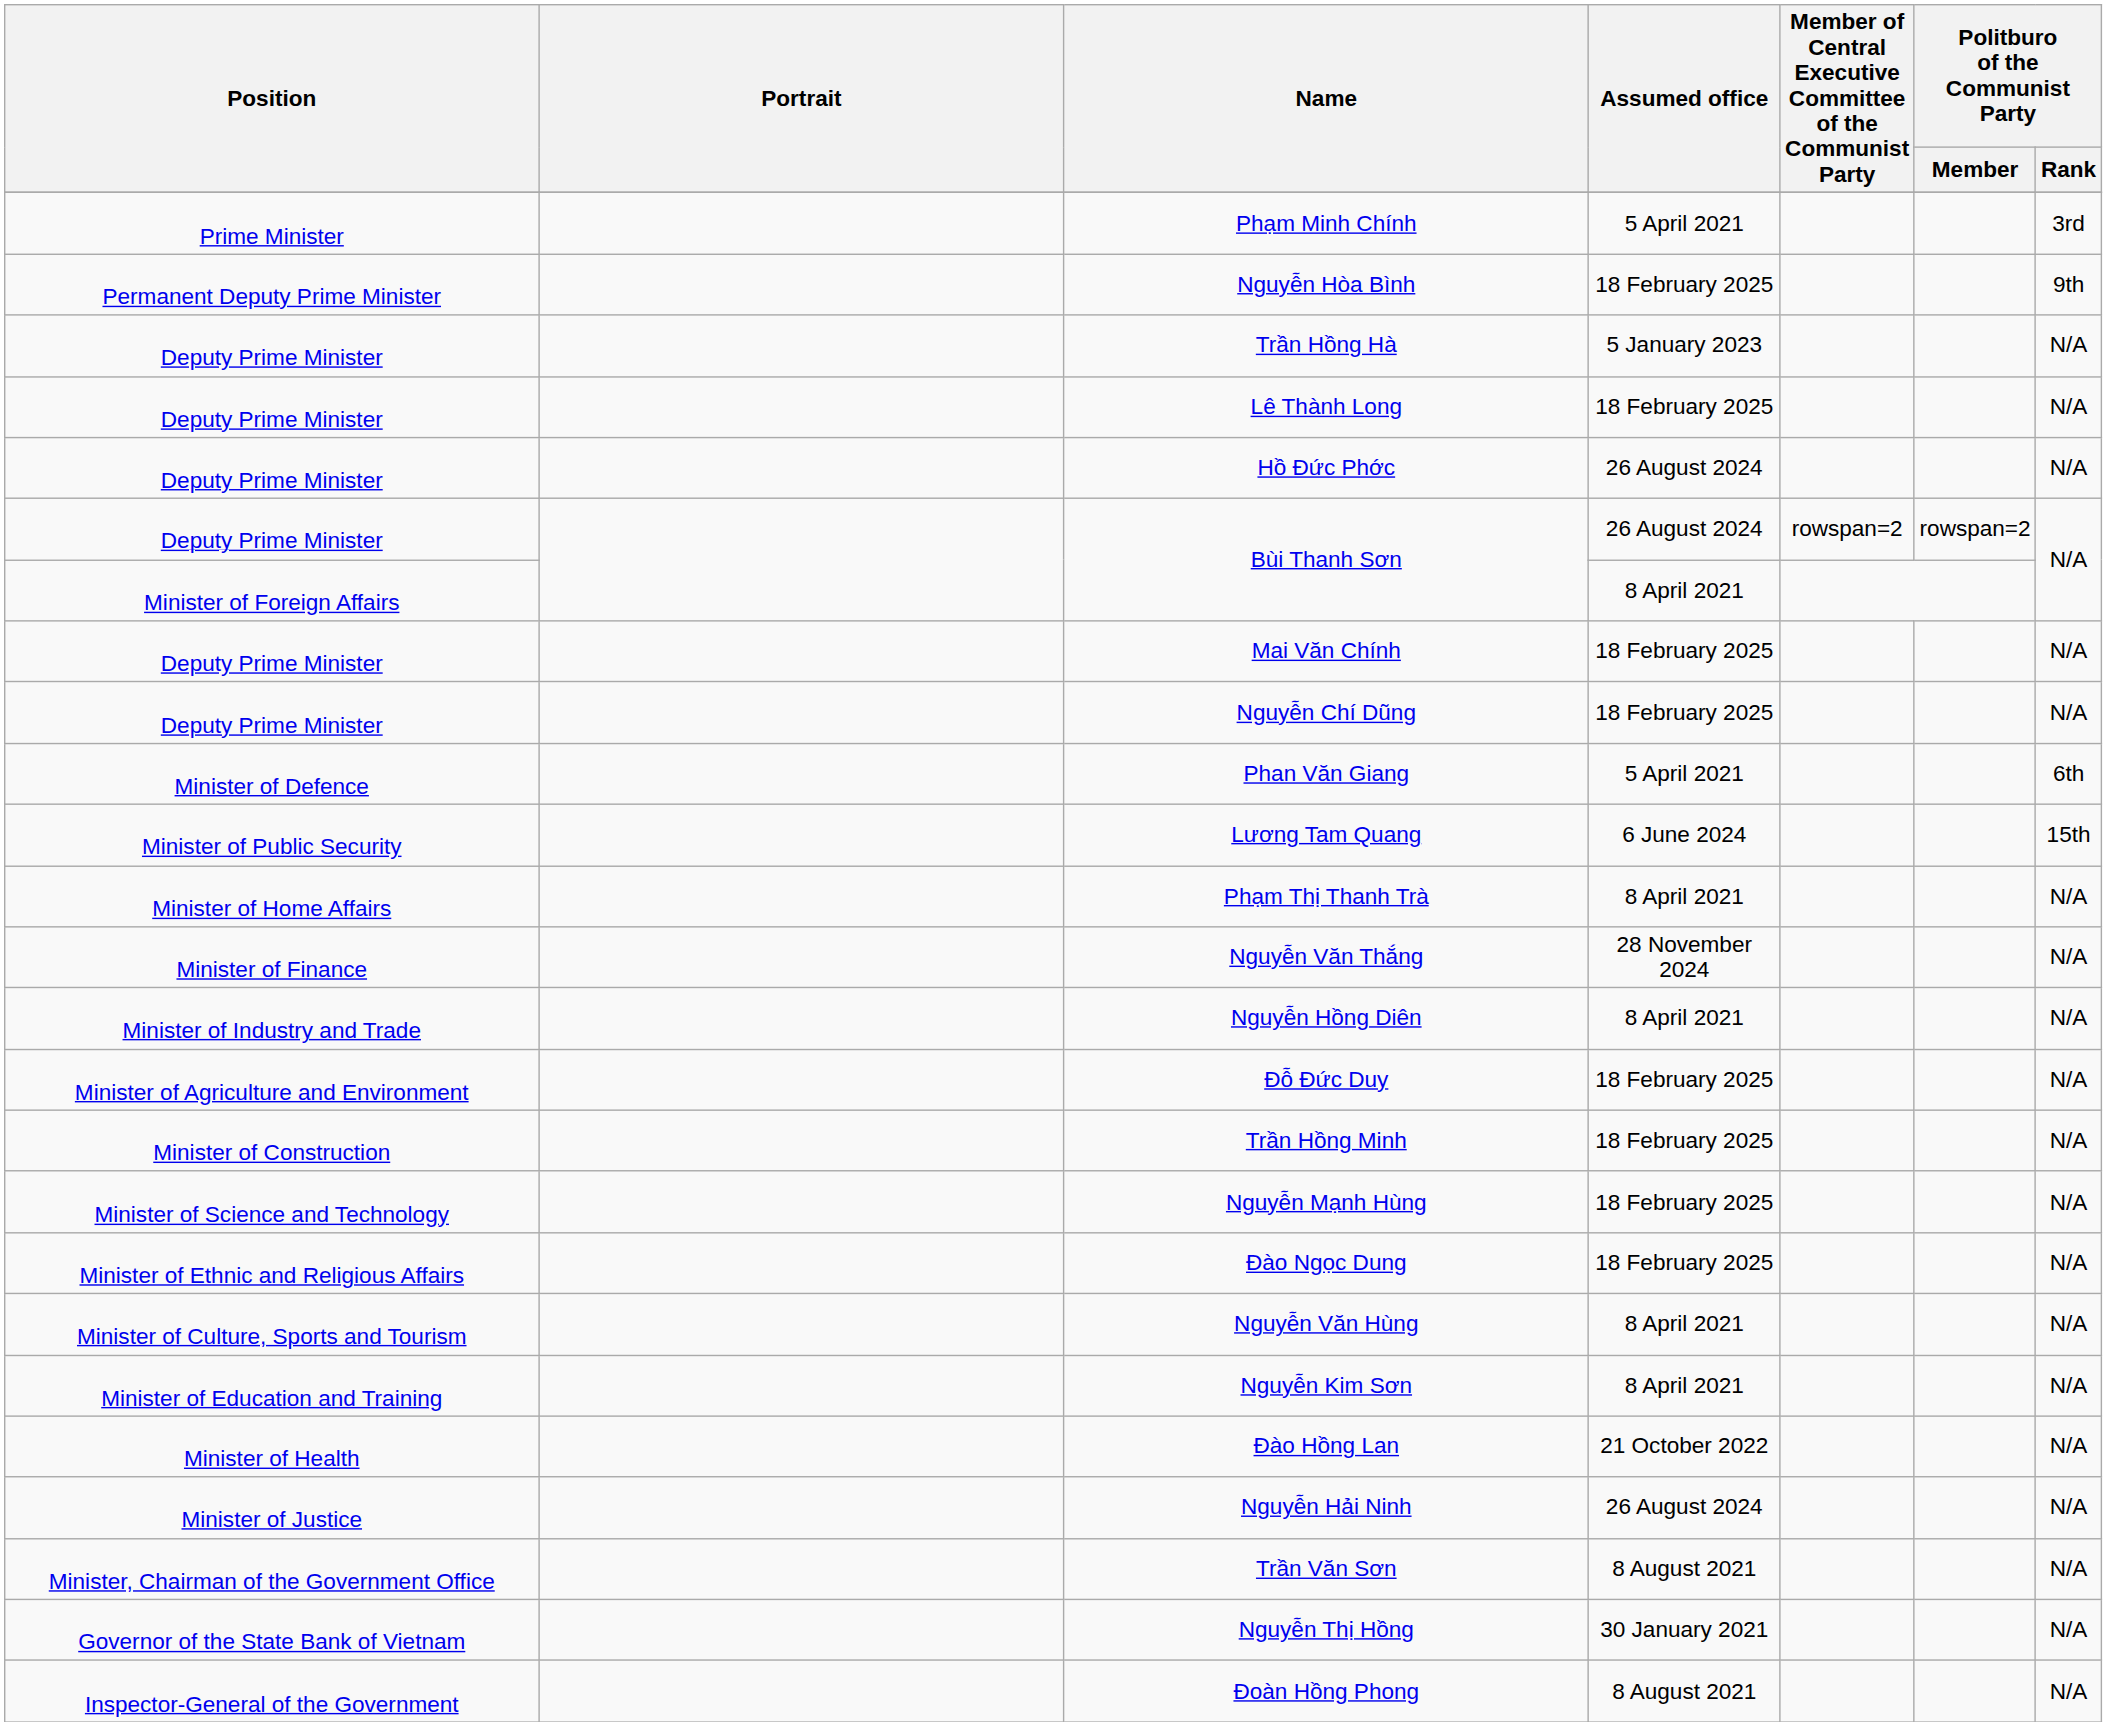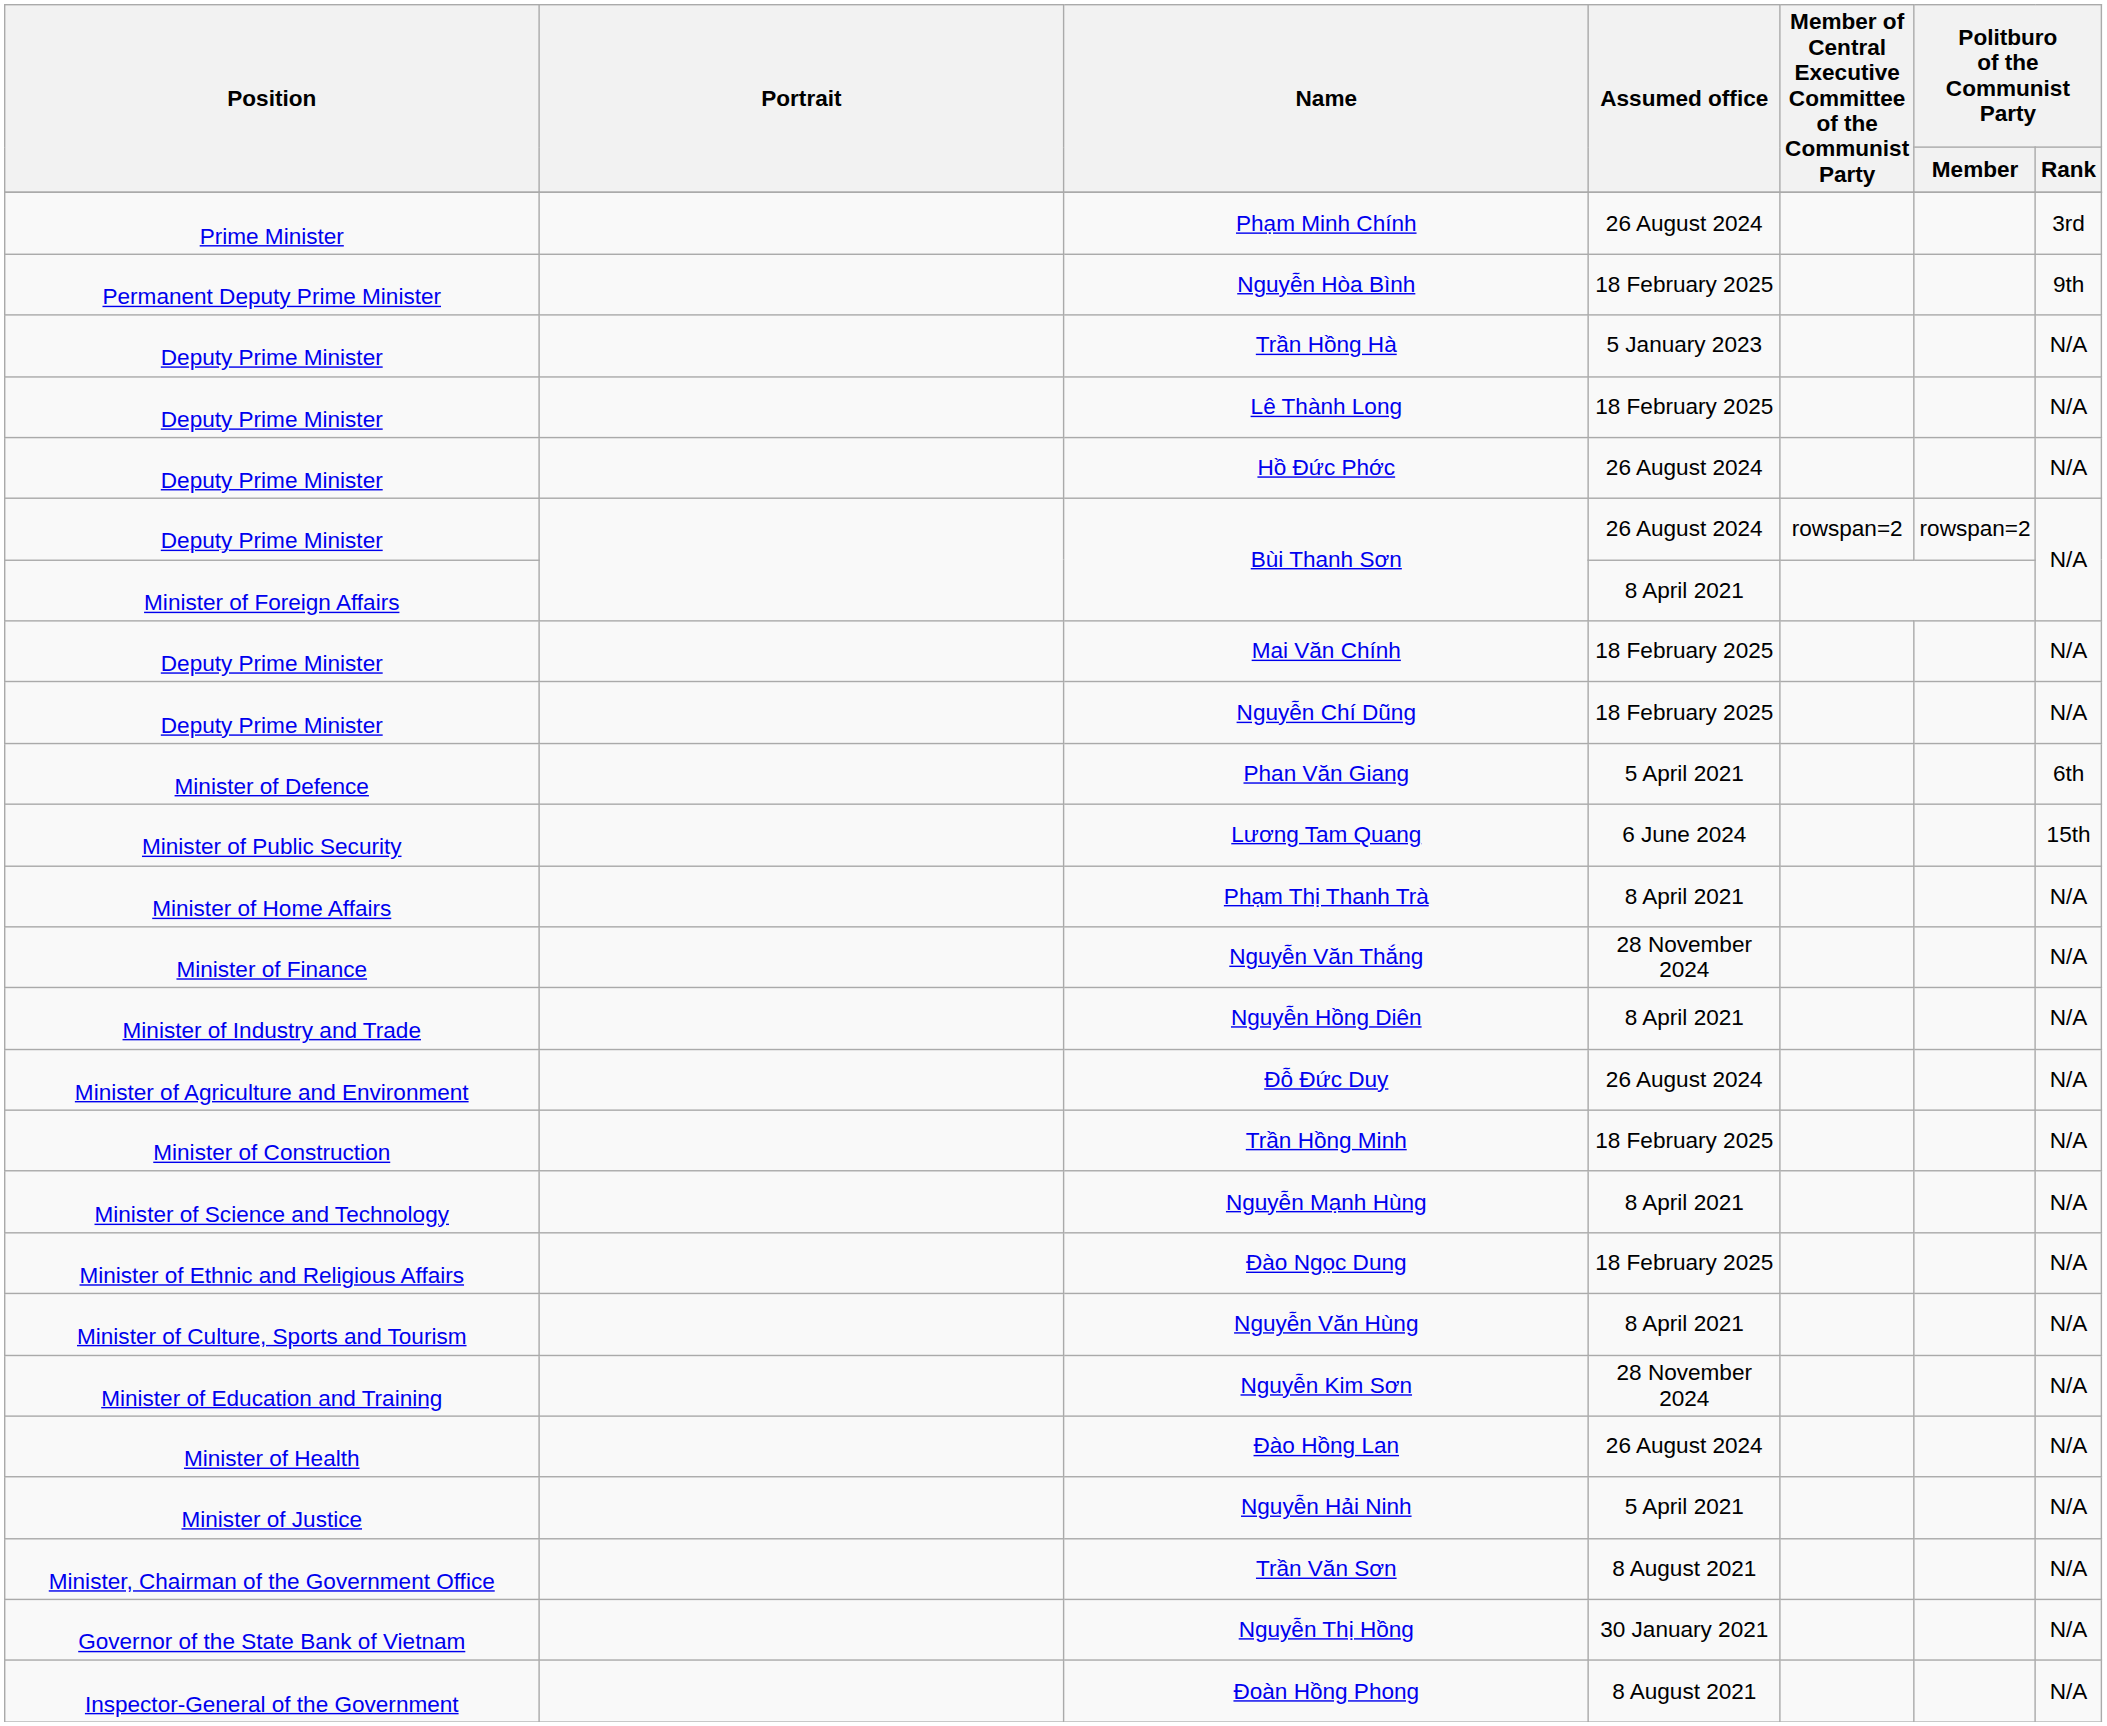 <table class="wikitable" width="75%;" style="text-align:center">
 <tr>
 <th rowspan="2" scope="col" style="width:30%;">Position</th>
 <th rowspan="2" scope="col" style="width:30%;">Portrait</th>
 <th rowspan="2" scope="col" style="width:30%;">Name</th>
 <th rowspan="2" scope="col" style="width:30%;">Assumed office</th>
 <th rowspan="2" scope="col" style="width:30%;">Member of Central Executive Committee of the Communist Party</th>
 <th colspan="2" scope="col" style="width:60%;">Politburo<br>of the Communist Party</th>
 </tr>
 <tr>
 <th scope="col">Member</th>
 <th scope="col">Rank</th>
 </tr>
 <tr>
 </tr>
 <tr>
 </tr>
 <tr>
 <td><br><a href='#'>Prime Minister</a></td>
 <td></td>
 <td><a href='#'>Phạm Minh Chính</a></td>
-<td>5 April 2021 </td>
+<td>26 August 2024 </td>
 <td></td>
 <td></td>
 <td>3rd</td>
 </tr>
 <tr>
 <td><br><a href='#'>Permanent Deputy Prime Minister</a></td>
 <td></td>
 <td><a href='#'>Nguyễn Hòa Bình</a></td>
 <td>18 February 2025 </td>
 <td></td>
 <td></td>
 <td>9th</td>
 </tr>
 <tr>
 <td><br><a href='#'>Deputy Prime Minister</a></td>
 <td></td>
 <td><a href='#'>Trần Hồng Hà</a></td>
 <td>5 January 2023 </td>
 <td></td>
 <td></td>
 <td>N/A</td>
 </tr>
 <tr>
 <td><br><a href='#'>Deputy Prime Minister</a></td>
 <td></td>
 <td><a href='#'>Lê Thành Long</a></td>
 <td>18 February 2025 </td>
 <td></td>
 <td></td>
 <td>N/A</td>
 </tr>
 <tr>
 <td><br><a href='#'>Deputy Prime Minister</a></td>
 <td></td>
 <td><a href='#'>Hồ Đức Phớc</a></td>
 <td>26 August 2024 </td>
 <td></td>
 <td></td>
 <td>N/A</td>
 </tr>
 <tr>
 <td><br><a href='#'>Deputy Prime Minister</a></td>
 <td rowspan="2" scope="col" style="width:30%;"></td>
 <td rowspan="2" scope="col" style="width:30%;"><a href='#'>Bùi Thanh Sơn</a></td>
 <td>26 August 2024 </td>
 <td>rowspan=2 </td>
 <td>rowspan=2 </td>
 <td rowspan="2">N/A</td>
 </tr>
 <tr>
 <td><br><a href='#'>Minister of Foreign Affairs</a></td>
 <td>8 April 2021 </td>
 </tr>
 <tr>
 <td><br><a href='#'>Deputy Prime Minister</a></td>
 <td></td>
 <td><a href='#'>Mai Văn Chính</a></td>
 <td>18 February 2025 </td>
 <td></td>
 <td></td>
 <td>N/A</td>
 </tr>
 <tr>
 <td><br><a href='#'>Deputy Prime Minister</a></td>
 <td></td>
 <td><a href='#'>Nguyễn Chí Dũng</a></td>
 <td>18 February 2025 </td>
 <td></td>
 <td></td>
 <td>N/A</td>
 </tr>
 <tr>
 <td><br><a href='#'>Minister of Defence</a></td>
 <td></td>
 <td><a href='#'>Phan Văn Giang</a></td>
 <td>5 April 2021 </td>
 <td></td>
 <td></td>
 <td>6th</td>
 </tr>
 <tr>
 <td><br><a href='#'>Minister of Public Security</a></td>
 <td></td>
 <td><a href='#'>Lương Tam Quang</a></td>
 <td>6 June 2024 </td>
 <td></td>
 <td></td>
 <td>15th</td>
 </tr>
 <tr>
 <td><br><a href='#'>Minister of Home Affairs</a></td>
 <td></td>
 <td><a href='#'>Phạm Thị Thanh Trà</a></td>
 <td>8 April 2021 </td>
 <td></td>
 <td></td>
 <td>N/A</td>
 </tr>
 <tr>
 <td><br><a href='#'>Minister of Finance</a></td>
 <td></td>
 <td><a href='#'>Nguyễn Văn Thắng</a></td>
 <td>28 November 2024 </td>
 <td></td>
 <td></td>
 <td>N/A</td>
 </tr>
 <tr>
 <td><br><a href='#'>Minister of Industry and Trade</a></td>
 <td></td>
 <td><a href='#'>Nguyễn Hồng Diên</a></td>
 <td>8 April 2021 </td>
 <td></td>
 <td></td>
 <td>N/A</td>
 </tr>
 <tr>
 <td><br><a href='#'>Minister of Agriculture and Environment</a></td>
 <td></td>
 <td><a href='#'>Đỗ Đức Duy</a></td>
-<td>18 February 2025 </td>
+<td>26 August 2024 </td>
 <td></td>
 <td></td>
 <td>N/A</td>
 </tr>
 <tr>
 <td><br><a href='#'>Minister of Construction</a></td>
 <td></td>
 <td><a href='#'>Trần Hồng Minh</a></td>
 <td>18 February 2025 </td>
 <td></td>
 <td></td>
 <td>N/A</td>
 </tr>
 <tr>
 <td><br><a href='#'>Minister of Science and Technology</a></td>
 <td></td>
 <td><a href='#'>Nguyễn Mạnh Hùng</a></td>
-<td>18 February 2025 </td>
+<td>8 April 2021 </td>
 <td></td>
 <td></td>
 <td>N/A</td>
 </tr>
 <tr>
 <td><br><a href='#'>Minister of Ethnic and Religious Affairs</a></td>
 <td></td>
 <td><a href='#'>Đào Ngọc Dung</a></td>
 <td>18 February 2025 </td>
 <td></td>
 <td></td>
 <td>N/A</td>
 </tr>
 <tr>
 <td><br><a href='#'>Minister of Culture, Sports and Tourism</a></td>
 <td></td>
 <td><a href='#'>Nguyễn Văn Hùng</a></td>
 <td>8 April 2021 </td>
 <td></td>
 <td></td>
 <td>N/A</td>
 </tr>
 <tr>
 <td><br><a href='#'>Minister of Education and Training</a></td>
 <td></td>
 <td><a href='#'>Nguyễn Kim Sơn</a></td>
-<td>8 April 2021 </td>
+<td>28 November 2024 </td>
 <td></td>
 <td></td>
 <td>N/A</td>
 </tr>
 <tr>
 <td><br><a href='#'>Minister of Health</a></td>
 <td></td>
 <td><a href='#'>Đào Hồng Lan</a></td>
-<td>21 October 2022 </td>
+<td>26 August 2024 </td>
 <td></td>
 <td></td>
 <td>N/A</td>
 </tr>
 <tr>
 <td><br><a href='#'>Minister of Justice</a></td>
 <td></td>
 <td><a href='#'>Nguyễn Hải Ninh</a></td>
-<td>26 August 2024 </td>
+<td>5 April 2021 </td>
 <td></td>
 <td></td>
 <td>N/A</td>
 </tr>
 <tr>
 <td><br><a href='#'>Minister, Chairman of the Government Office</a></td>
 <td></td>
 <td><a href='#'>Trần Văn Sơn</a></td>
 <td>8 August 2021 </td>
 <td></td>
 <td></td>
 <td>N/A</td>
 </tr>
 <tr>
 <td><br><a href='#'>Governor of the State Bank of Vietnam</a></td>
 <td></td>
 <td><a href='#'>Nguyễn Thị Hồng</a></td>
 <td>30 January 2021 </td>
 <td></td>
 <td></td>
 <td>N/A</td>
 </tr>
 <tr>
 <td><br><a href='#'>Inspector-General of the Government</a></td>
 <td></td>
 <td><a href='#'>Đoàn Hồng Phong</a></td>
 <td>8 August 2021 </td>
 <td></td>
 <td></td>
 <td>N/A</td>
 </tr>
 </table>
